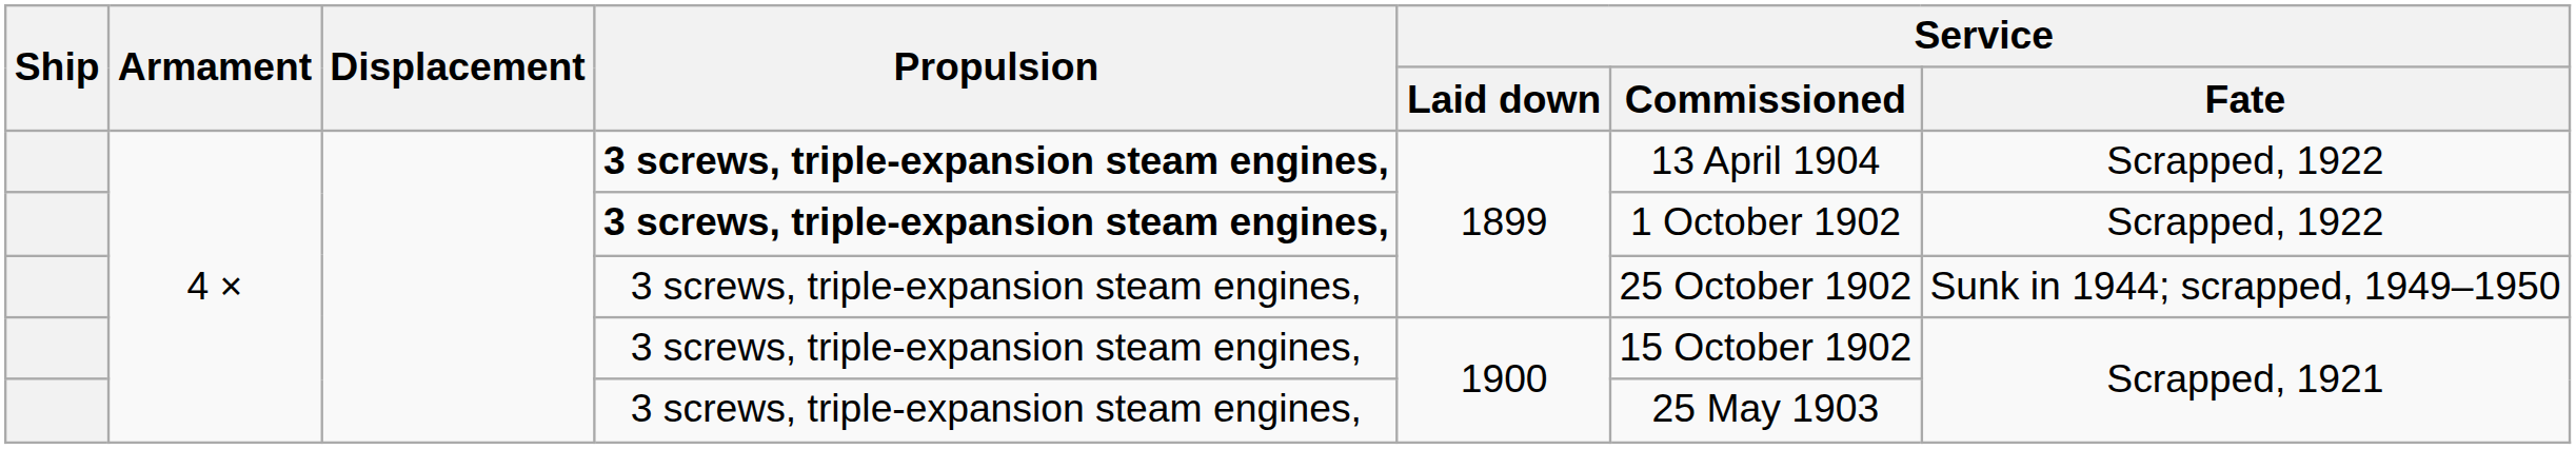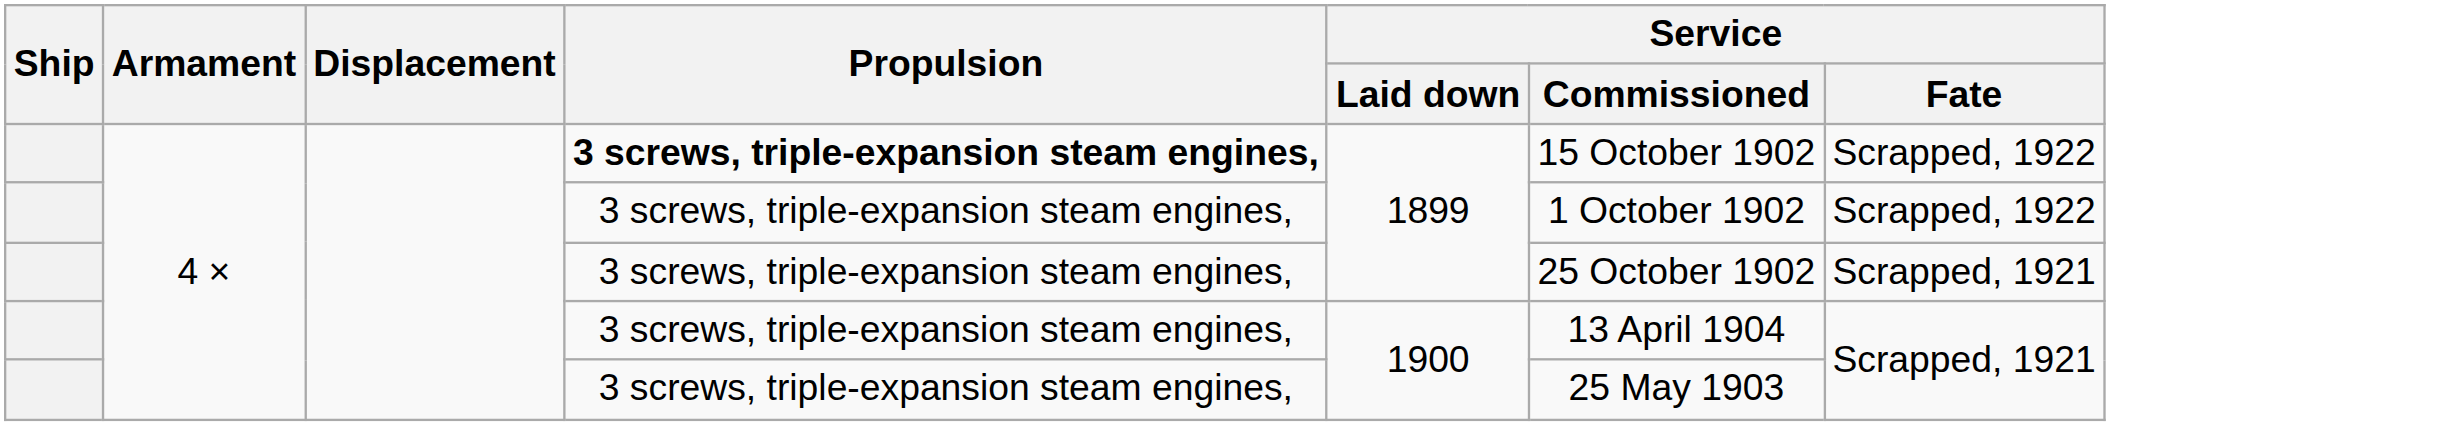 <table class="wikitable plainrowheaders" style="text-align: center;">
 <tr valign="center">
 <th scope="col" rowspan="2">Ship</th>
 <th scope="col" rowspan="2">Armament</th>
 <th scope="col" rowspan="2">Displacement</th>
 <th scope="col" rowspan="2">Propulsion</th>
 <th scope="col" colspan="3">Service</th>
 </tr>
 <tr valign="center">
 <th scope="col">Laid down</th>
 <th scope="col">Commissioned</th>
 <th scope="col">Fate</th>
 </tr>
 <tr valign="center">
 <th scope="row"></th>
 <td rowspan="5">4 × </td>
 <td rowspan="5"></td>
 <td><strong>3 screws, triple-expansion steam engines, </strong></td>
 <td rowspan="3">1899</td>
-<td>13 April 1904</td>
+<td>15 October 1902</td>
 <td>Scrapped, 1922</td>
 </tr>
 <tr valign="center">
 <th scope="row"></th>
-<td><strong>3 screws, triple-expansion steam engines, </strong></td>
+<td>3 screws, triple-expansion steam engines, </td>
 <td>1 October 1902</td>
 <td>Scrapped, 1922</td>
 </tr>
 <tr valign="center">
 <th scope="row"></th>
 <td>3 screws, triple-expansion steam engines, </td>
 <td>25 October 1902</td>
-<td>Sunk in 1944; scrapped, 1949–1950</td>
+<td>Scrapped, 1921</td>
 </tr>
 <tr valign="center">
 <th scope="row"></th>
 <td>3 screws, triple-expansion steam engines, </td>
 <td rowspan="2">1900</td>
-<td>15 October 1902</td>
+<td>13 April 1904</td>
 <td rowspan="2">Scrapped, 1921</td>
 </tr>
 <tr valign="center">
 <th scope="row"></th>
 <td>3 screws, triple-expansion steam engines, </td>
 <td>25 May 1903</td>
 </tr>
 </table>
